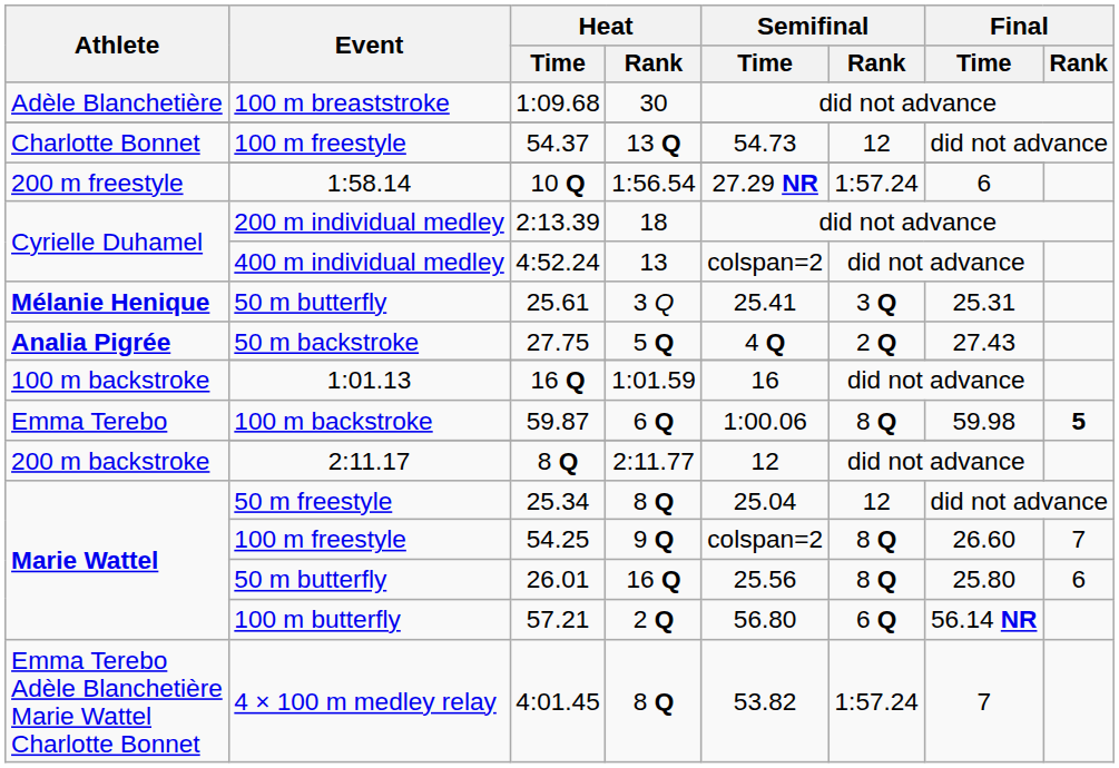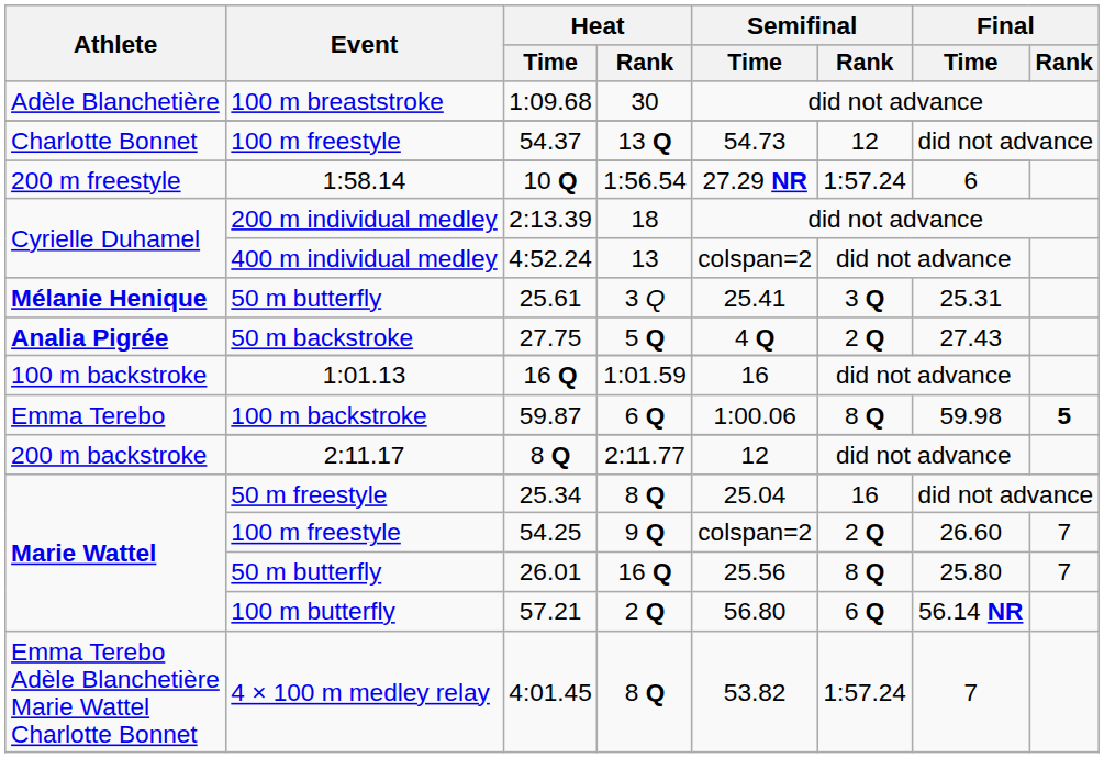 <table class=wikitable style="font-size:90%">
 <tr>
 <th rowspan="2">Athlete</th>
 <th rowspan="2">Event</th>
 <th colspan="2">Heat</th>
 <th colspan="2">Semifinal</th>
 <th colspan="2">Final</th>
 </tr>
 <tr style="font-size:95%">
 <th>Time</th>
 <th>Rank</th>
 <th>Time</th>
 <th>Rank</th>
 <th>Time</th>
 <th>Rank</th>
 </tr>
 <tr style="text-align:center">
 <td style="text-align:left"><a href='#'>Adèle Blanchetière</a></td>
 <td style="text-align:left"><a href='#'>100 m breaststroke</a></td>
 <td>1:09.68</td>
 <td>30</td>
 <td colspan=4>did not advance</td>
 </tr>
 <tr>
 </tr>
 <tr style="text-align:center">
 <td style="text-align:left" rowspan=2><a href='#'>Charlotte Bonnet</a></td>
 <td style="text-align:left"><a href='#'>100 m freestyle</a></td>
 <td>54.37</td>
 <td>13 <strong>Q</strong></td>
 <td>54.73</td>
 <td>12</td>
 <td colspan=2>did not advance</td>
 </tr>
 <tr>
 </tr>
 <tr style="text-align:center">
 <td style="text-align:left"><a href='#'>200 m freestyle</a></td>
 <td>1:58.14</td>
 <td>10 <strong>Q</strong></td>
 <td>1:56.54</td>
 <td>27.29 <strong><a href='#'>NR</a></strong></td>
 <td>1:57.24</td>
 <td>6</td>
 </tr>
 <tr style="text-align:center">
 <td style="text-align:left" rowspan=2><a href='#'>Cyrielle Duhamel</a></td>
 <td style="text-align:left"><a href='#'>200 m individual medley</a></td>
 <td>2:13.39</td>
 <td>18</td>
 <td colspan=4>did not advance</td>
 </tr>
 <tr style="text-align:center">
 <td style="text-align:left"><a href='#'>400 m individual medley</a></td>
 <td>4:52.24</td>
 <td>13</td>
 <td>colspan=2 </td>
 <td colspan=2>did not advance</td>
 </tr>
 <tr style="text-align:center">
 <td style="text-align:left"><strong><a href='#'>Mélanie Henique</a></strong></td>
 <td style="text-align:left"><a href='#'>50 m butterfly</a></td>
 <td>25.61</td>
 <td>3 <em>Q</em></td>
 <td>25.41</td>
 <td>3 <strong>Q</strong></td>
 <td>25.31</td>
 <td></td>
 </tr>
 <tr style="text-align:center">
 <td style="text-align:left" rowspan=2><strong><a href='#'>Analia Pigrée</a></strong></td>
 <td style="text-align:left"><a href='#'>50 m backstroke</a></td>
 <td>27.75</td>
 <td>5 <strong>Q</strong></td>
 <td>4 <strong>Q</strong></td>
 <td>2 <strong>Q</strong></td>
 <td>27.43</td>
 <td></td>
 </tr>
 <tr>
 </tr>
 <tr style="text-align:center">
 <td style="text-align:left"><a href='#'>100 m backstroke</a></td>
 <td>1:01.13</td>
 <td>16 <strong>Q</strong></td>
 <td>1:01.59</td>
 <td>16</td>
 <td colspan=2>did not advance</td>
 </tr>
 <tr style="text-align:center">
 <td style="text-align:left" rowspan=2><a href='#'>Emma Terebo</a></td>
 <td style="text-align:left"><a href='#'>100 m backstroke</a></td>
 <td>59.87</td>
 <td>6 <strong>Q</strong></td>
 <td>1:00.06</td>
 <td>8 <strong>Q</strong></td>
 <td>59.98</td>
 <td><strong>5</strong></td>
 </tr>
 <tr>
 </tr>
 <tr style="text-align:center">
 <td style="text-align:left"><a href='#'>200 m backstroke</a></td>
 <td>2:11.17</td>
 <td>8 <strong>Q</strong></td>
 <td>2:11.77</td>
 <td>12</td>
 <td colspan=2>did not advance</td>
 </tr>
 <tr style="text-align:center">
 <td style="text-align:left" rowspan=4><strong><a href='#'>Marie Wattel</a></strong></td>
 <td style="text-align:left"><a href='#'>50 m freestyle</a></td>
 <td>25.34</td>
 <td>8 <strong>Q</strong></td>
 <td>25.04</td>
-<td>12</td>
+<td>16</td>
 <td colspan=2>did not advance</td>
 </tr>
 <tr style="text-align:center">
 <td style="text-align:left"><a href='#'>100 m freestyle</a></td>
 <td>54.25</td>
 <td>9 <strong>Q</strong></td>
 <td>colspan=2 </td>
-<td>8 <strong>Q</strong></td>
+<td>2 <strong>Q</strong></td>
 <td>26.60</td>
 <td>7</td>
 </tr>
 <tr style="text-align:center">
 <td style="text-align:left"><a href='#'>50 m butterfly</a></td>
 <td>26.01</td>
 <td>16 <strong>Q</strong></td>
 <td>25.56</td>
 <td>8 <strong>Q</strong></td>
 <td>25.80</td>
-<td>6</td>
+<td>7</td>
 </tr>
 <tr style="text-align:center">
 <td style="text-align:left"><a href='#'>100 m butterfly</a></td>
 <td>57.21</td>
 <td>2 <strong>Q</strong></td>
 <td>56.80</td>
 <td>6 <strong>Q</strong></td>
 <td>56.14 <strong><a href='#'>NR</a></strong></td>
 <td></td>
 </tr>
 <tr style="text-align:center">
 <td style="text-align:left"><a href='#'>Emma Terebo</a><br><a href='#'>Adèle Blanchetière</a> <br><a href='#'>Marie Wattel</a> <br><a href='#'>Charlotte Bonnet</a></td>
 <td style="text-align:left"><a href='#'>4 × 100 m medley relay</a></td>
 <td>4:01.45</td>
 <td>8 <strong>Q</strong></td>
 <td>53.82</td>
 <td>1:57.24</td>
 <td>7</td>
 </tr>
 </table>
